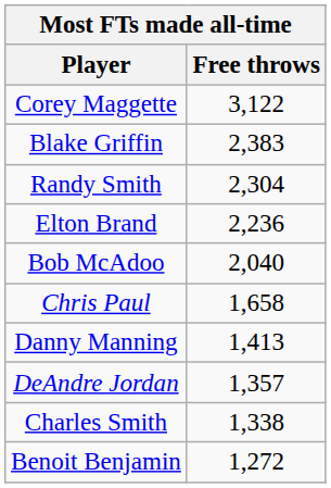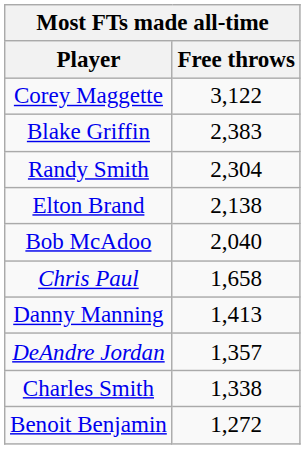 <table class="wikitable sortable" style="text-align:center">
 <tr>
 <th colspan="2">Most FTs made all-time</th>
 </tr>
 <tr>
 <th>Player</th>
 <th>Free throws</th>
 </tr>
 <tr>
 <td><a href='#'>Corey Maggette</a></td>
 <td>3,122</td>
 </tr>
 <tr>
 <td><a href='#'>Blake Griffin</a></td>
 <td>2,383</td>
 </tr>
 <tr>
 <td><a href='#'>Randy Smith</a></td>
 <td>2,304</td>
 </tr>
 <tr>
 <td><a href='#'>Elton Brand</a></td>
-<td>2,236</td>
+<td>2,138</td>
 </tr>
 <tr>
 <td><a href='#'>Bob McAdoo</a></td>
 <td>2,040</td>
 </tr>
 <tr>
 <td><em><a href='#'>Chris Paul</a></em></td>
 <td>1,658</td>
 </tr>
 <tr>
 <td><a href='#'>Danny Manning</a></td>
 <td>1,413</td>
 </tr>
 <tr>
 <td><em><a href='#'>DeAndre Jordan</a></em></td>
 <td>1,357</td>
 </tr>
 <tr>
 <td><a href='#'>Charles Smith</a></td>
 <td>1,338</td>
 </tr>
 <tr>
 <td><a href='#'>Benoit Benjamin</a></td>
 <td>1,272</td>
 </tr>
 </table>
